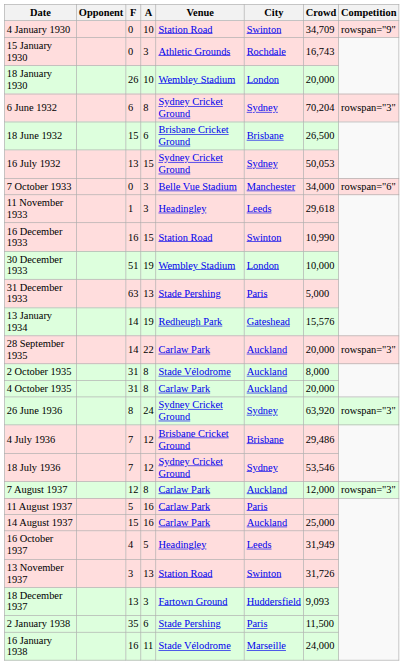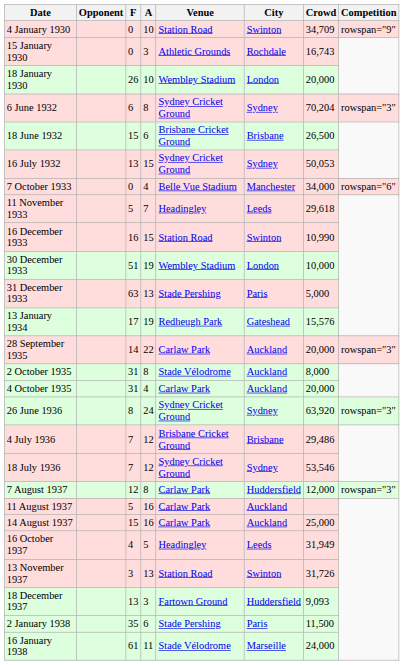 <table class="wikitable sortable">
 <tr>
 <th>Date</th>
 <th>Opponent</th>
 <th>F</th>
 <th>A</th>
 <th>Venue</th>
 <th>City</th>
 <th>Crowd</th>
 <th>Competition</th>
 </tr>
 <tr style="background:#ffdddd;">
 <td>4 January 1930</td>
 <td></td>
 <td>0</td>
 <td>10</td>
 <td><a href='#'>Station Road</a></td>
 <td><a href='#'>Swinton</a></td>
 <td>34,709</td>
 <td>rowspan="9"</td>
 </tr>
 <tr style="background:#ffdddd;">
 <td>15 January 1930</td>
 <td></td>
 <td>0</td>
 <td>3</td>
 <td><a href='#'>Athletic Grounds</a></td>
 <td><a href='#'>Rochdale</a></td>
 <td>16,743</td>
 </tr>
 <tr style="background:#ddffdd;">
 <td>18 January 1930</td>
 <td></td>
 <td>26</td>
 <td>10</td>
 <td><a href='#'>Wembley Stadium</a></td>
 <td><a href='#'>London</a></td>
 <td>20,000</td>
 </tr>
 <tr style="background:#ffdddd;">
 <td>6 June 1932</td>
 <td></td>
 <td>6</td>
 <td>8</td>
 <td><a href='#'>Sydney Cricket Ground</a></td>
 <td><a href='#'>Sydney</a></td>
 <td>70,204</td>
 <td>rowspan="3"</td>
 </tr>
 <tr style="background:#ddffdd;">
 <td>18 June 1932</td>
 <td></td>
 <td>15</td>
 <td>6</td>
 <td><a href='#'>Brisbane Cricket Ground</a></td>
 <td><a href='#'>Brisbane</a></td>
 <td>26,500</td>
 </tr>
 <tr style="background:#ffdddd;">
 <td>16 July 1932</td>
 <td></td>
 <td>13</td>
 <td>15</td>
 <td><a href='#'>Sydney Cricket Ground</a></td>
 <td><a href='#'>Sydney</a></td>
 <td>50,053</td>
 </tr>
 <tr style="background:#ffdddd;">
 <td>7 October 1933</td>
 <td></td>
 <td>0</td>
-<td>3</td>
+<td>4</td>
 <td><a href='#'>Belle Vue Stadium</a></td>
 <td><a href='#'>Manchester</a></td>
 <td>34,000</td>
 <td>rowspan="6"</td>
 </tr>
 <tr style="background:#ffdddd;">
 <td>11 November 1933</td>
 <td></td>
-<td>1</td>
-<td>3</td>
+<td>5</td>
+<td>7</td>
 <td><a href='#'>Headingley</a></td>
 <td><a href='#'>Leeds</a></td>
 <td>29,618</td>
 </tr>
 <tr style="background:#ffdddd;">
 <td>16 December 1933</td>
 <td></td>
 <td>16</td>
 <td>15</td>
 <td><a href='#'>Station Road</a></td>
 <td><a href='#'>Swinton</a></td>
 <td>10,990</td>
 </tr>
 <tr style="background:#ddffdd;">
 <td>30 December 1933</td>
 <td></td>
 <td>51</td>
 <td>19</td>
 <td><a href='#'>Wembley Stadium</a></td>
 <td><a href='#'>London</a></td>
 <td>10,000</td>
 </tr>
 <tr style="background:#ffdddd;">
 <td>31 December 1933</td>
 <td></td>
 <td>63</td>
 <td>13</td>
 <td><a href='#'>Stade Pershing</a></td>
 <td><a href='#'>Paris</a></td>
 <td>5,000</td>
 </tr>
 <tr style="background:#ddffdd;">
 <td>13 January 1934</td>
 <td></td>
-<td>14</td>
+<td>17</td>
 <td>19</td>
 <td><a href='#'>Redheugh Park</a></td>
 <td><a href='#'>Gateshead</a></td>
 <td>15,576</td>
 </tr>
 <tr style="background:#ffdddd;">
 <td>28 September 1935</td>
 <td></td>
 <td>14</td>
 <td>22</td>
 <td><a href='#'>Carlaw Park</a></td>
 <td><a href='#'>Auckland</a></td>
 <td>20,000</td>
 <td>rowspan="3"</td>
 </tr>
 <tr style="background:#ddffdd;">
 <td>2 October 1935</td>
 <td></td>
 <td>31</td>
 <td>8</td>
 <td><a href='#'>Stade Vélodrome</a></td>
 <td><a href='#'>Auckland</a></td>
 <td>8,000</td>
 </tr>
 <tr style="background:#ddffdd;">
 <td>4 October 1935</td>
 <td></td>
 <td>31</td>
-<td>8</td>
+<td>4</td>
 <td><a href='#'>Carlaw Park</a></td>
 <td><a href='#'>Auckland</a></td>
 <td>20,000</td>
 </tr>
 <tr style="background:#ddffdd;">
 <td>26 June 1936</td>
 <td></td>
 <td>8</td>
 <td>24</td>
 <td><a href='#'>Sydney Cricket Ground</a></td>
 <td><a href='#'>Sydney</a></td>
 <td>63,920</td>
 <td>rowspan="3"</td>
 </tr>
 <tr style="background:#ffdddd;">
 <td>4 July 1936</td>
 <td></td>
 <td>7</td>
 <td>12</td>
 <td><a href='#'>Brisbane Cricket Ground</a></td>
 <td><a href='#'>Brisbane</a></td>
 <td>29,486</td>
 </tr>
 <tr style="background:#ffdddd;">
 <td>18 July 1936</td>
 <td></td>
 <td>7</td>
 <td>12</td>
 <td><a href='#'>Sydney Cricket Ground</a></td>
 <td><a href='#'>Sydney</a></td>
 <td>53,546</td>
 </tr>
 <tr style="background:#ddffdd;">
 <td>7 August 1937</td>
 <td></td>
 <td>12</td>
 <td>8</td>
 <td><a href='#'>Carlaw Park</a></td>
-<td><a href='#'>Auckland</a></td>
+<td><a href='#'>Huddersfield</a></td>
 <td>12,000</td>
 <td>rowspan="3"</td>
 </tr>
 <tr style="background:#ffdddd;">
 <td>11 August 1937</td>
 <td></td>
 <td>5</td>
 <td>16</td>
 <td><a href='#'>Carlaw Park</a></td>
-<td><a href='#'>Paris</a></td>
+<td><a href='#'>Auckland</a></td>
 <td></td>
 </tr>
 <tr style="background:#ffdddd;">
 <td>14 August 1937</td>
 <td></td>
 <td>15</td>
 <td>16</td>
 <td><a href='#'>Carlaw Park</a></td>
 <td><a href='#'>Auckland</a></td>
 <td>25,000</td>
 </tr>
 <tr style="background:#ffdddd;">
 <td>16 October 1937</td>
 <td></td>
 <td>4</td>
 <td>5</td>
 <td><a href='#'>Headingley</a></td>
 <td><a href='#'>Leeds</a></td>
 <td>31,949</td>
 </tr>
 <tr style="background:#ffdddd;">
 <td>13 November 1937</td>
 <td></td>
 <td>3</td>
 <td>13</td>
 <td><a href='#'>Station Road</a></td>
 <td><a href='#'>Swinton</a></td>
 <td>31,726</td>
 </tr>
 <tr style="background:#ddffdd;">
 <td>18 December 1937</td>
 <td></td>
 <td>13</td>
 <td>3</td>
 <td><a href='#'>Fartown Ground</a></td>
 <td><a href='#'>Huddersfield</a></td>
 <td>9,093</td>
 </tr>
 <tr style="background:#ddffdd;">
 <td>2 January 1938</td>
 <td></td>
 <td>35</td>
 <td>6</td>
 <td><a href='#'>Stade Pershing</a></td>
 <td><a href='#'>Paris</a></td>
 <td>11,500</td>
 </tr>
 <tr style="background:#ddffdd;">
 <td>16 January 1938</td>
 <td></td>
-<td>16</td>
+<td>61</td>
 <td>11</td>
 <td><a href='#'>Stade Vélodrome</a></td>
 <td><a href='#'>Marseille</a></td>
 <td>24,000</td>
 </tr>
 </table>
